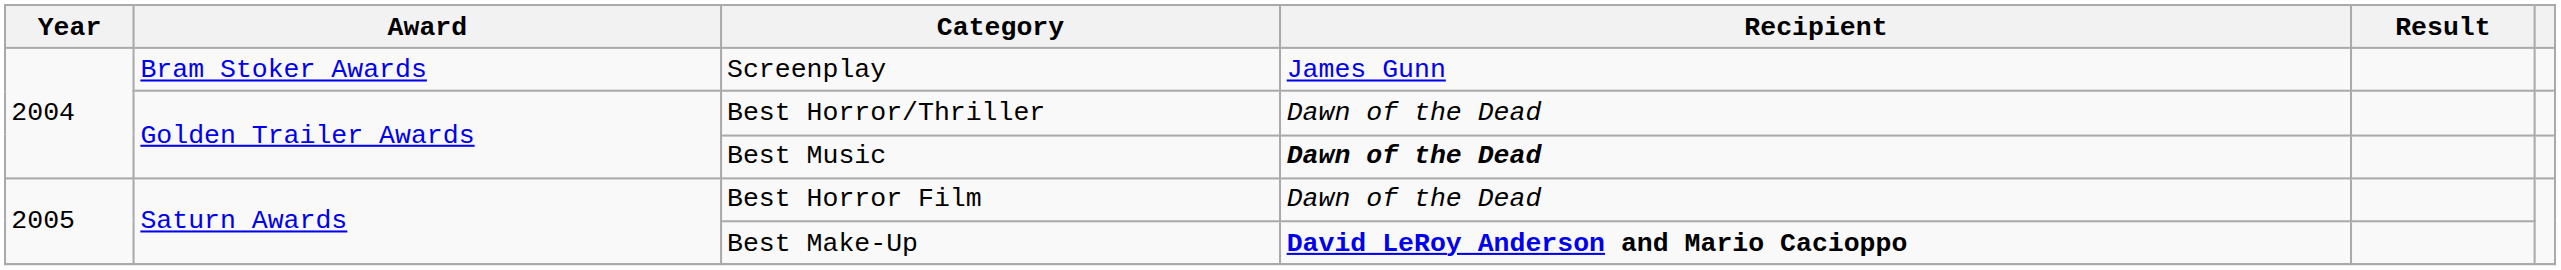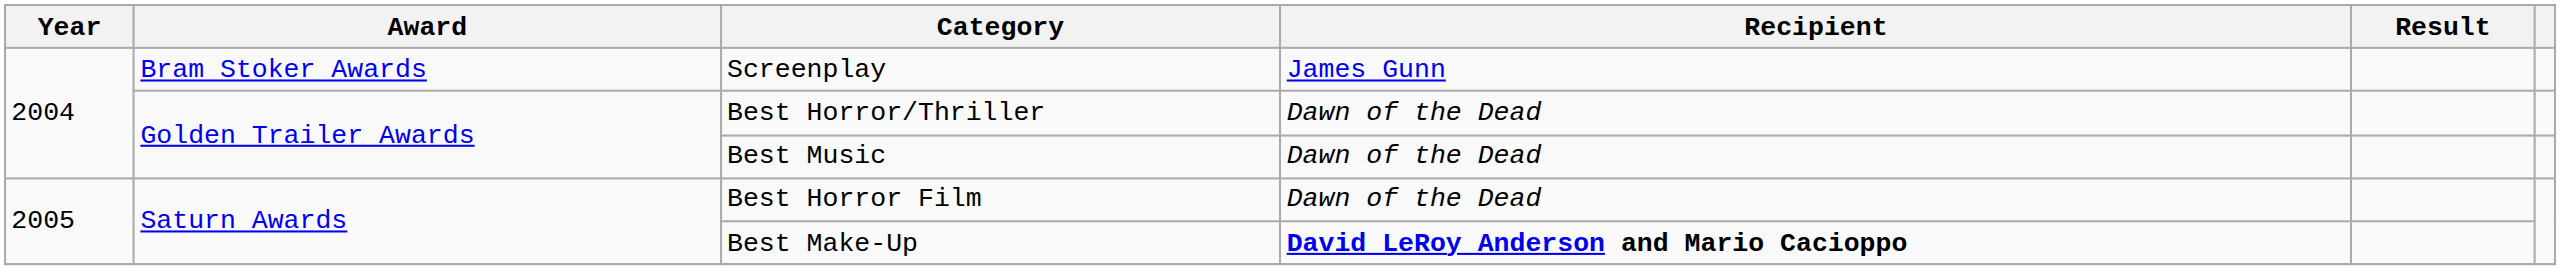 <table class="wikitable sortable" style="width: 99%;">
 <tr>
 <th>Year</th>
 <th>Award</th>
 <th>Category</th>
 <th>Recipient</th>
 <th>Result</th>
 <th scope="col" class="unsortable"></th>
 </tr>
 <tr>
 <td rowspan="3">2004</td>
 <td><a href='#'>Bram Stoker Awards</a></td>
 <td>Screenplay</td>
 <td><a href='#'>James Gunn</a></td>
 <td></td>
 <td style="text-align:center;"></td>
 </tr>
 <tr>
 <td rowspan="2"><a href='#'>Golden Trailer Awards</a></td>
 <td>Best Horror/Thriller</td>
 <td><em>Dawn of the Dead</em></td>
 <td></td>
 <td style="text-align:center;"></td>
 </tr>
 <tr>
 <td>Best Music</td>
-<td><strong><em>Dawn of the Dead</em></strong></td>
+<td><em>Dawn of the Dead</em></td>
 <td></td>
 <td style="text-align:center;"></td>
 </tr>
 <tr>
 <td rowspan="2">2005</td>
 <td rowspan="2"><a href='#'>Saturn Awards</a></td>
 <td>Best Horror Film</td>
 <td><em>Dawn of the Dead</em></td>
 <td></td>
 <td rowspan="2" ; style="text-align:center"></td>
 </tr>
 <tr>
 <td>Best Make-Up</td>
 <td><strong><a href='#'>David LeRoy Anderson</a> and Mario Cacioppo</strong></td>
 <td></td>
 </tr>
 <tr>
 </tr>
 </table>
